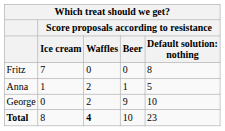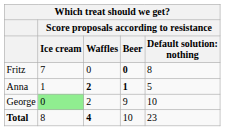 <table class="wikitable">
 <tr>
 <th colspan="5">Which treat should we get?</th>
 </tr>
 <tr>
 <th></th>
 <th colspan="4">Score proposals according to resistance</th>
 </tr>
 <tr>
 <th></th>
 <th>Ice cream</th>
 <th>Waffles</th>
 <th>Beer</th>
 <th>Default solution:<br>nothing</th>
 </tr>
 <tr>
 <td>Fritz</td>
 <td>7</td>
 <td>0</td>
-<td>0</td>
+<td><strong>0</strong></td>
 <td>8</td>
 </tr>
 <tr>
 <td>Anna</td>
 <td>1</td>
-<td>2</td>
-<td>1</td>
+<td><strong>2</strong></td>
+<td><strong>1</strong></td>
 <td>5</td>
 </tr>
 <tr>
 <td>George</td>
-<td>0</td>
+<td style="background: lightgreen;">0</td>
 <td>2</td>
 <td>9</td>
 <td>10</td>
 </tr>
 <tr>
 <td><strong>Total</strong></td>
 <td>8</td>
 <td><strong>4</strong></td>
 <td>10</td>
 <td>23</td>
 </tr>
 </table>
